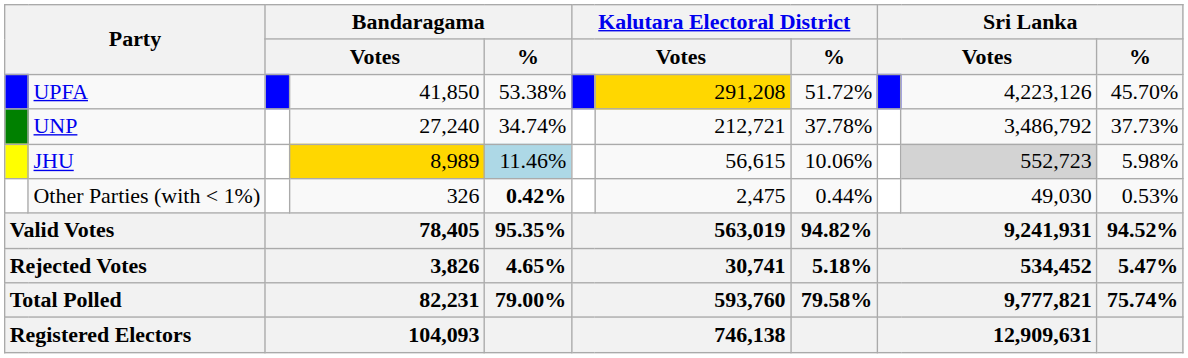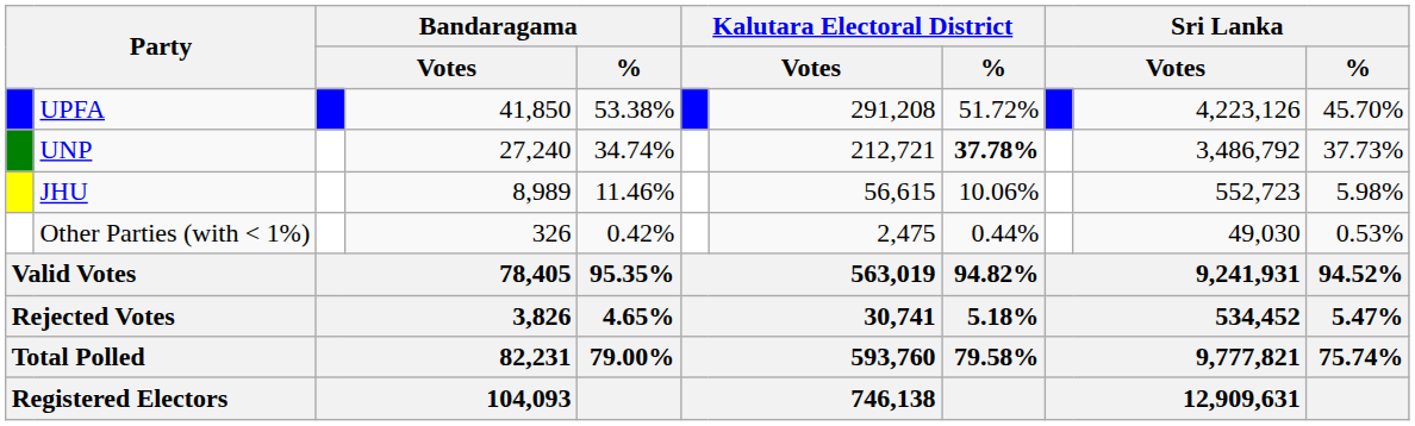 <table class="wikitable">
 <tr>
 <th colspan="2" width="144px"rowspan="2">Party</th>
 <th colspan="3" width="216px">Bandaragama</th>
 <th colspan="3" width="216px"><a href='#'>Kalutara Electoral District</a></th>
 <th colspan="3" width="216px">Sri Lanka</th>
 </tr>
 <tr>
 <th colspan="2" width="144px">Votes</th>
 <th>%</th>
 <th colspan="2" width="144px">Votes</th>
 <th>%</th>
 <th colspan="2" width="144px">Votes</th>
 <th>%</th>
 </tr>
 <tr>
 <td style="background-color:blue;" width="10px"></td>
 <td style="text-align:left;"><a href='#'>UPFA</a></td>
 <td style="background-color:blue;" width="10px"></td>
 <td style="text-align:right;">41,850</td>
 <td style="text-align:right;">53.38%</td>
 <td style="background-color:blue;" width="10px"></td>
-<td style="background: gold; text-align:right;">291,208</td>
+<td style="text-align:right;">291,208</td>
 <td style="text-align:right;">51.72%</td>
 <td style="background-color:blue;" width="10px"></td>
 <td style="text-align:right;">4,223,126</td>
 <td style="text-align:right;">45.70%</td>
 </tr>
 <tr>
 <td style="background-color:green;" width="10px"></td>
 <td style="text-align:left;"><a href='#'>UNP</a></td>
 <td style="background-color:white;" width="10px"></td>
 <td style="text-align:right;">27,240</td>
 <td style="text-align:right;">34.74%</td>
 <td style="background-color:white;" width="10px"></td>
 <td style="text-align:right;">212,721</td>
-<td style="text-align:right;">37.78%</td>
+<td style="text-align:right;"><strong>37.78%</strong></td>
 <td style="background-color:white;" width="10px"></td>
 <td style="text-align:right;">3,486,792</td>
 <td style="text-align:right;">37.73%</td>
 </tr>
 <tr>
 <td style="background-color:yellow;" width="10px"></td>
 <td style="text-align:left;"><a href='#'>JHU</a></td>
 <td style="background-color:white;" width="10px"></td>
-<td style="background: gold; text-align:right;">8,989</td>
-<td style="background: lightblue; text-align:right;">11.46%</td>
+<td style="text-align:right;">8,989</td>
+<td style="text-align:right;">11.46%</td>
 <td style="background-color:white;" width="10px"></td>
 <td style="text-align:right;">56,615</td>
 <td style="text-align:right;">10.06%</td>
 <td style="background-color:white;" width="10px"></td>
-<td style="background: lightgrey; text-align:right;">552,723</td>
+<td style="text-align:right;">552,723</td>
 <td style="text-align:right;">5.98%</td>
 </tr>
 <tr>
 <td style="background-color:white;" width="10px"></td>
 <td style="text-align:left;">Other Parties (with < 1%)</td>
 <td style="background-color:white;" width="10px"></td>
 <td style="text-align:right;">326</td>
-<td style="text-align:right;"><strong>0.42%</strong></td>
+<td style="text-align:right;">0.42%</td>
 <td style="background-color:white;" width="10px"></td>
 <td style="text-align:right;">2,475</td>
 <td style="text-align:right;">0.44%</td>
 <td style="background-color:white;" width="10px"></td>
 <td style="text-align:right;">49,030</td>
 <td style="text-align:right;">0.53%</td>
 </tr>
 <tr>
 <th colspan="2" width="144px"style="text-align:left;">Valid Votes</th>
 <th style="text-align:right;"colspan="2" width="144px">78,405</th>
 <th style="text-align:right;">95.35%</th>
 <th style="text-align:right;"colspan="2" width="144px">563,019</th>
 <th style="text-align:right;">94.82%</th>
 <th style="text-align:right;"colspan="2" width="144px">9,241,931</th>
 <th style="text-align:right;">94.52%</th>
 </tr>
 <tr>
 <th colspan="2" width="144px"style="text-align:left;">Rejected Votes</th>
 <th style="text-align:right;"colspan="2" width="144px">3,826</th>
 <th style="text-align:right;">4.65%</th>
 <th style="text-align:right;"colspan="2" width="144px">30,741</th>
 <th style="text-align:right;">5.18%</th>
 <th style="text-align:right;"colspan="2" width="144px">534,452</th>
 <th style="text-align:right;">5.47%</th>
 </tr>
 <tr>
 <th colspan="2" width="144px"style="text-align:left;">Total Polled</th>
 <th style="text-align:right;"colspan="2" width="144px">82,231</th>
 <th style="text-align:right;">79.00%</th>
 <th style="text-align:right;"colspan="2" width="144px">593,760</th>
 <th style="text-align:right;">79.58%</th>
 <th style="text-align:right;"colspan="2" width="144px">9,777,821</th>
 <th style="text-align:right;">75.74%</th>
 </tr>
 <tr>
 <th colspan="2" width="144px"style="text-align:left;">Registered Electors</th>
 <th style="text-align:right;"colspan="2" width="144px">104,093</th>
 <th></th>
 <th style="text-align:right;"colspan="2" width="144px">746,138</th>
 <th></th>
 <th style="text-align:right;"colspan="2" width="144px">12,909,631</th>
 <th></th>
 </tr>
 </table>
